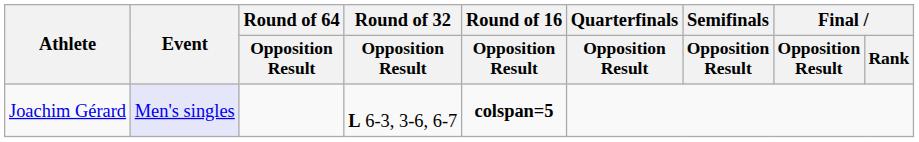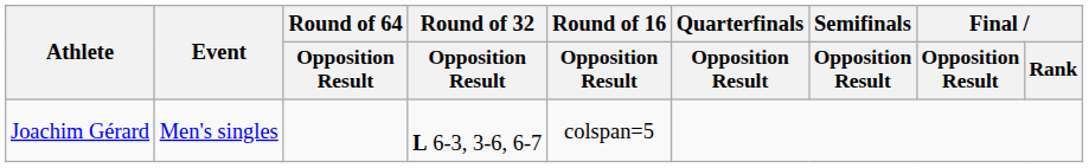 <table class="wikitable" style="font-size:90%;">
 <tr>
 <th rowspan=2>Athlete</th>
 <th rowspan=2>Event</th>
 <th>Round of 64</th>
 <th>Round of 32</th>
 <th>Round of 16</th>
 <th>Quarterfinals</th>
 <th>Semifinals</th>
 <th colspan=2>Final / </th>
 </tr>
 <tr style="font-size:95%">
 <th>Opposition<br>Result</th>
 <th>Opposition<br>Result</th>
 <th>Opposition<br>Result</th>
 <th>Opposition<br>Result</th>
 <th>Opposition<br>Result</th>
 <th>Opposition<br>Result</th>
 <th>Rank</th>
 </tr>
 <tr align=center>
 <td align=left><a href='#'>Joachim Gérard</a></td>
-<td align=left style="background: lavender;"><a href='#'>Men's singles</a></td>
+<td align=left><a href='#'>Men's singles</a></td>
 <td></td>
 <td><br><strong>L</strong> 6-3, 3-6, 6-7</td>
-<td><strong>colspan=5 </strong></td>
+<td>colspan=5 </td>
 </tr>
 </table>
